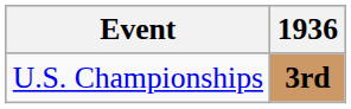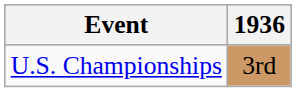 <table class="wikitable">
 <tr>
 <th>Event</th>
 <th>1936</th>
 </tr>
 <tr>
 <td><a href='#'>U.S. Championships</a></td>
-<td style="text-align:center; background:#c96;"><strong>3rd</strong></td>
+<td style="text-align:center; background:#c96;">3rd</td>
 </tr>
 </table>
